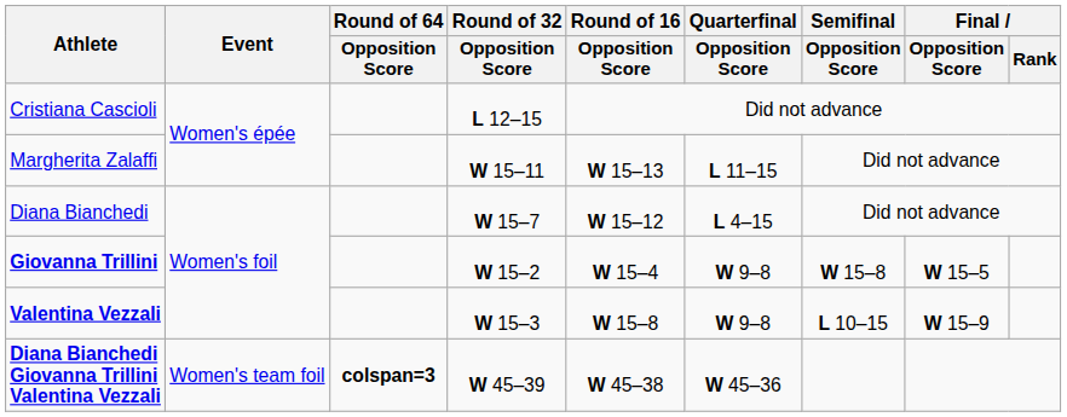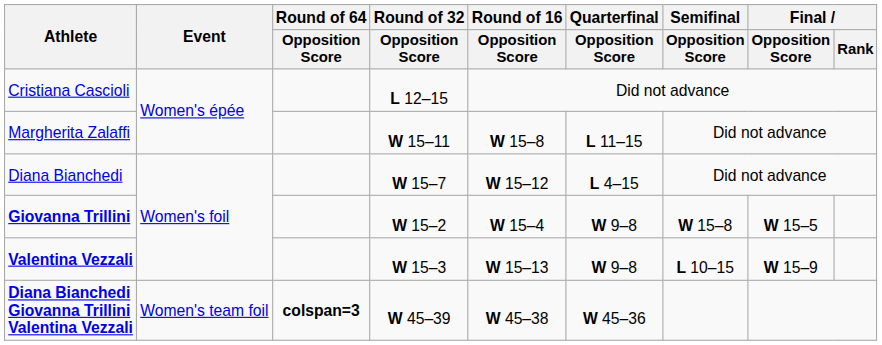 <table class="wikitable" style="font-size:90%">
 <tr>
 <th rowspan="2">Athlete</th>
 <th rowspan="2">Event</th>
 <th>Round of 64</th>
 <th>Round of 32</th>
 <th>Round of 16</th>
 <th>Quarterfinal</th>
 <th>Semifinal</th>
 <th colspan=2>Final / </th>
 </tr>
 <tr style="font-size:95%">
 <th>Opposition <br> Score</th>
 <th>Opposition <br> Score</th>
 <th>Opposition <br> Score</th>
 <th>Opposition <br> Score</th>
 <th>Opposition <br> Score</th>
 <th>Opposition <br> Score</th>
 <th>Rank</th>
 </tr>
 <tr align=center>
 <td align=left><a href='#'>Cristiana Cascioli</a></td>
 <td rowspan=2 align=left><a href='#'>Women's épée</a></td>
 <td></td>
 <td><br><strong>L</strong> 12–15</td>
 <td colspan=5>Did not advance</td>
 </tr>
 <tr align=center>
 <td align=left><a href='#'>Margherita Zalaffi</a></td>
 <td></td>
 <td><br><strong>W</strong> 15–11</td>
-<td><br><strong>W</strong> 15–13</td>
+<td><br><strong>W</strong> 15–8</td>
 <td><br><strong>L</strong> 11–15</td>
 <td colspan=3>Did not advance</td>
 </tr>
 <tr align=center>
 <td align=left><a href='#'>Diana Bianchedi</a></td>
 <td rowspan=3 align=left><a href='#'>Women's foil</a></td>
 <td></td>
 <td><br><strong>W</strong> 15–7</td>
 <td><br><strong>W</strong> 15–12</td>
 <td><br><strong>L</strong> 4–15</td>
 <td colspan=3>Did not advance</td>
 </tr>
 <tr align=center>
 <td align=left><strong><a href='#'>Giovanna Trillini</a></strong></td>
 <td></td>
 <td><br><strong>W</strong> 15–2</td>
 <td><br><strong>W</strong> 15–4</td>
 <td><br><strong>W</strong> 9–8</td>
 <td><br><strong>W</strong> 15–8</td>
 <td><br><strong>W</strong> 15–5</td>
 <td></td>
 </tr>
 <tr align=center>
 <td align=left><strong><a href='#'>Valentina Vezzali</a></strong></td>
 <td></td>
 <td><br><strong>W</strong> 15–3</td>
-<td><br><strong>W</strong> 15–8</td>
+<td><br><strong>W</strong> 15–13</td>
 <td><br><strong>W</strong> 9–8</td>
 <td><br><strong>L</strong> 10–15</td>
 <td><br><strong>W</strong> 15–9</td>
 <td></td>
 </tr>
 <tr align=center>
 <td align=left><strong><a href='#'>Diana Bianchedi</a></strong><br><strong><a href='#'>Giovanna Trillini</a></strong><br><strong><a href='#'>Valentina Vezzali</a></strong></td>
 <td align=left><a href='#'>Women's team foil</a></td>
 <td><strong>colspan=3 </strong></td>
 <td><br><strong>W</strong> 45–39</td>
 <td><br><strong>W</strong> 45–38</td>
 <td><br><strong>W</strong> 45–36</td>
 <td></td>
 </tr>
 </table>
